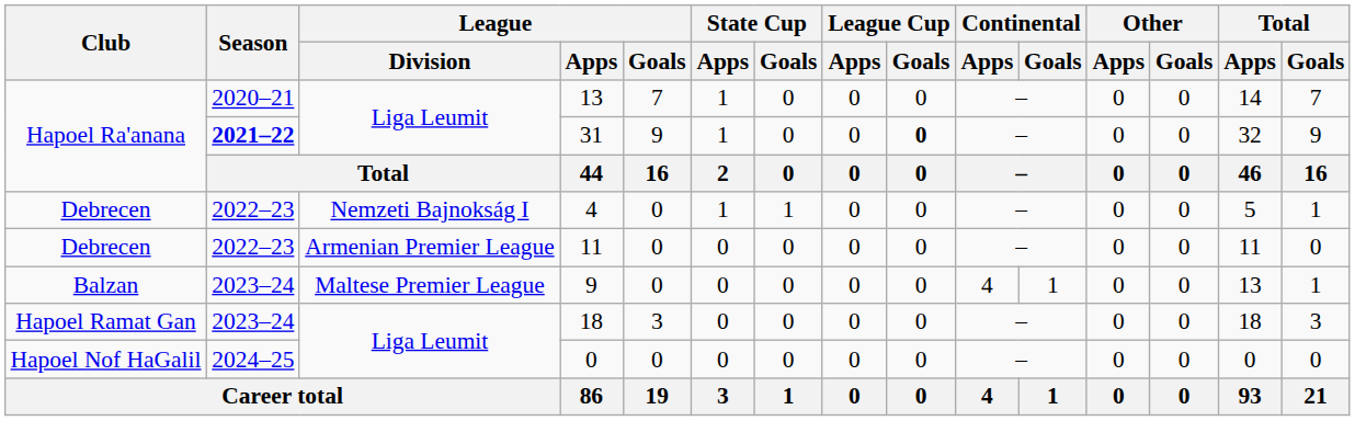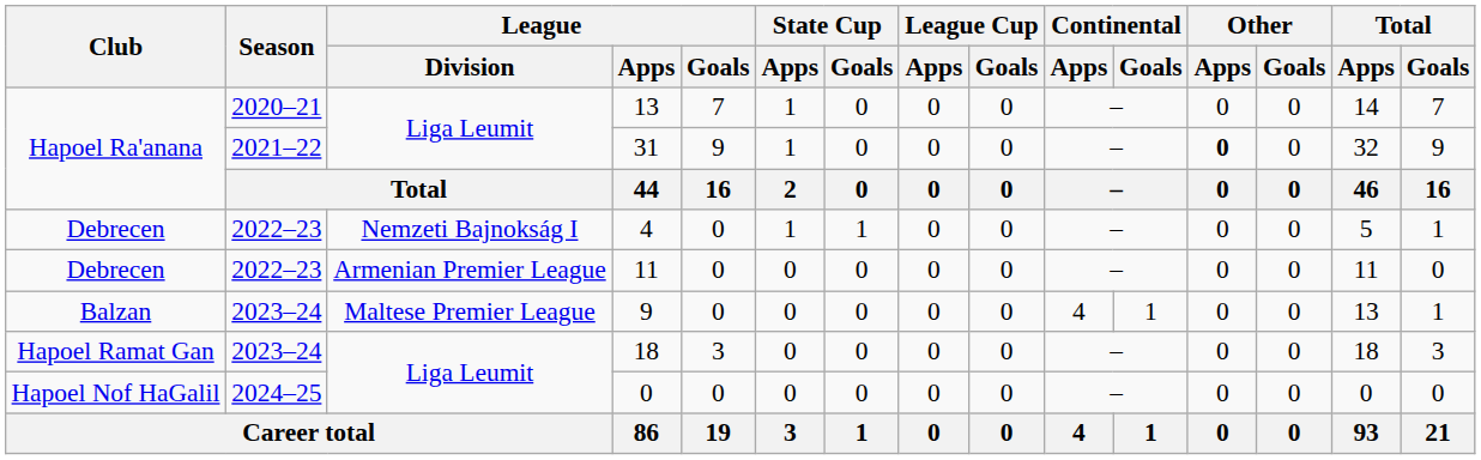 <table class="wikitable" style="text-align: center">
 <tr>
 <th rowspan="2">Club</th>
 <th rowspan="2">Season</th>
 <th colspan="3">League</th>
 <th colspan="2">State Cup</th>
 <th colspan="2">League Cup</th>
 <th colspan="2">Continental</th>
 <th colspan="2">Other</th>
 <th colspan="2">Total</th>
 </tr>
 <tr>
 <th>Division</th>
 <th>Apps</th>
 <th>Goals</th>
 <th>Apps</th>
 <th>Goals</th>
 <th>Apps</th>
 <th>Goals</th>
 <th>Apps</th>
 <th>Goals</th>
 <th>Apps</th>
 <th>Goals</th>
 <th>Apps</th>
 <th>Goals</th>
 </tr>
 <tr>
 <td rowspan="3"><a href='#'>Hapoel Ra'anana</a></td>
 <td><a href='#'>2020–21</a></td>
 <td rowspan="2"><a href='#'>Liga Leumit</a></td>
 <td>13</td>
 <td>7</td>
 <td>1</td>
 <td>0</td>
 <td>0</td>
 <td>0</td>
 <td colspan="2">–</td>
 <td>0</td>
 <td>0</td>
 <td>14</td>
 <td>7</td>
 </tr>
 <tr>
-<td><strong><a href='#'>2021–22</a></strong></td>
+<td><a href='#'>2021–22</a></td>
 <td>31</td>
 <td>9</td>
 <td>1</td>
 <td>0</td>
 <td>0</td>
+<td>0</td>
+<td colspan="2">–</td>
 <td><strong>0</strong></td>
-<td colspan="2">–</td>
-<td>0</td>
 <td>0</td>
 <td>32</td>
 <td>9</td>
 </tr>
 <tr>
 <th colspan="2">Total</th>
 <th>44</th>
 <th>16</th>
 <th>2</th>
 <th>0</th>
 <th>0</th>
 <th>0</th>
 <th colspan="2">–</th>
 <th>0</th>
 <th>0</th>
 <th>46</th>
 <th>16</th>
 </tr>
 <tr>
 <td rowspan="1"><a href='#'>Debrecen</a></td>
 <td><a href='#'>2022–23</a></td>
 <td rowspan="1"><a href='#'>Nemzeti Bajnokság I</a></td>
 <td>4</td>
 <td>0</td>
 <td>1</td>
 <td>1</td>
 <td>0</td>
 <td>0</td>
 <td colspan="2">–</td>
 <td>0</td>
 <td>0</td>
 <td>5</td>
 <td>1</td>
 </tr>
 <tr>
 <td rowspan="1"><a href='#'>Debrecen</a></td>
 <td><a href='#'>2022–23</a></td>
 <td rowspan="1"><a href='#'>Armenian Premier League</a></td>
 <td>11</td>
 <td>0</td>
 <td>0</td>
 <td>0</td>
 <td>0</td>
 <td>0</td>
 <td colspan="2">–</td>
 <td>0</td>
 <td>0</td>
 <td>11</td>
 <td>0</td>
 </tr>
 <tr>
 <td rowspan="1"><a href='#'>Balzan</a></td>
 <td><a href='#'>2023–24</a></td>
 <td rowspan="1"><a href='#'>Maltese Premier League</a></td>
 <td>9</td>
 <td>0</td>
 <td>0</td>
 <td>0</td>
 <td>0</td>
 <td>0</td>
 <td>4</td>
 <td>1</td>
 <td>0</td>
 <td>0</td>
 <td>13</td>
 <td>1</td>
 </tr>
 <tr>
 <td rowspan="1"><a href='#'>Hapoel Ramat Gan</a></td>
 <td><a href='#'>2023–24</a></td>
 <td rowspan="2"><a href='#'>Liga Leumit</a></td>
 <td>18</td>
 <td>3</td>
 <td>0</td>
 <td>0</td>
 <td>0</td>
 <td>0</td>
 <td colspan="2">–</td>
 <td>0</td>
 <td>0</td>
 <td>18</td>
 <td>3</td>
 </tr>
 <tr>
 <td rowspan="1"><a href='#'>Hapoel Nof HaGalil</a></td>
 <td><a href='#'>2024–25</a></td>
 <td>0</td>
 <td>0</td>
 <td>0</td>
 <td>0</td>
 <td>0</td>
 <td>0</td>
 <td colspan="2">–</td>
 <td>0</td>
 <td>0</td>
 <td>0</td>
 <td>0</td>
 </tr>
 <tr>
 <th colspan="3">Career total</th>
 <th>86</th>
 <th>19</th>
 <th>3</th>
 <th>1</th>
 <th>0</th>
 <th>0</th>
 <th>4</th>
 <th>1</th>
 <th>0</th>
 <th>0</th>
 <th>93</th>
 <th>21</th>
 </tr>
 </table>
